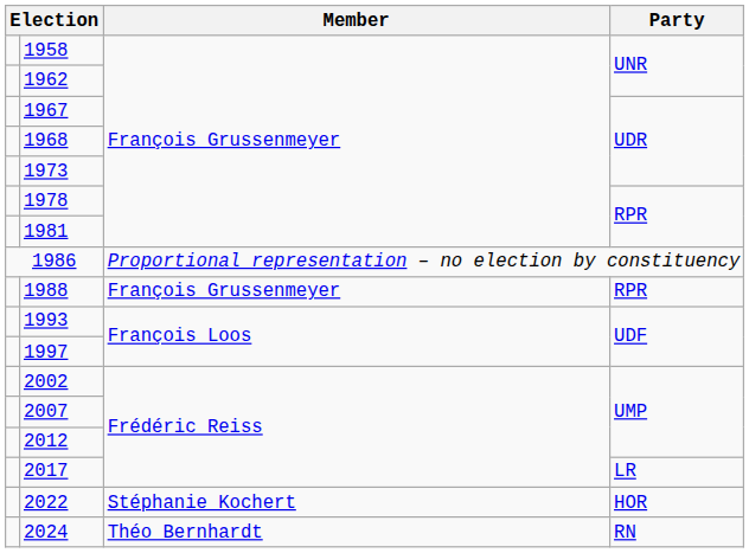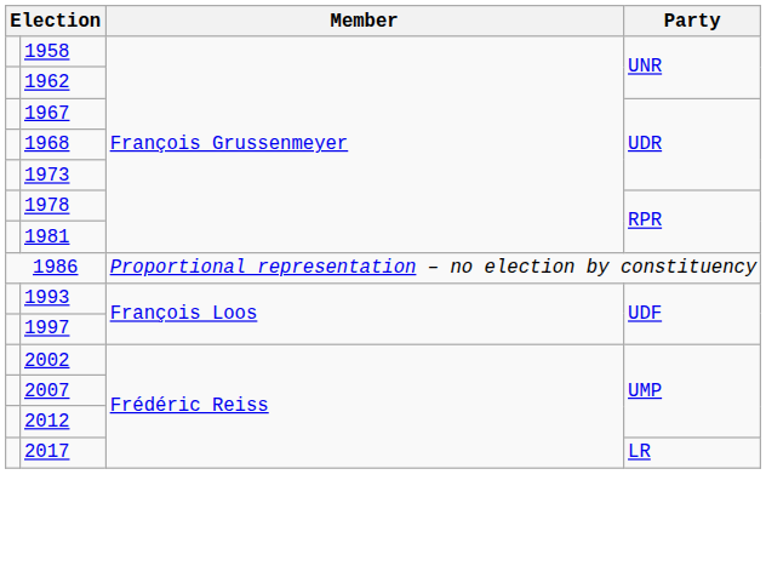 <table class="wikitable">
 <tr>
 <th colspan="2">Election</th>
 <th>Member</th>
 <th>Party</th>
 </tr>
 <tr>
 <td style="background-color: "></td>
 <td><a href='#'>1958</a></td>
 <td rowspan="7"><a href='#'>François Grussenmeyer</a></td>
 <td rowspan="2"><a href='#'>UNR</a></td>
 </tr>
 <tr>
 <td style="background-color: "></td>
 <td><a href='#'>1962</a></td>
 </tr>
 <tr>
 <td style="background-color: "></td>
 <td><a href='#'>1967</a></td>
 <td rowspan="3"><a href='#'>UDR</a></td>
 </tr>
 <tr>
 <td style="background-color: "></td>
 <td><a href='#'>1968</a></td>
 </tr>
 <tr>
 <td style="background-color: "></td>
 <td><a href='#'>1973</a></td>
 </tr>
 <tr>
 <td style="background-color: "></td>
 <td><a href='#'>1978</a></td>
 <td rowspan="2"><a href='#'>RPR</a></td>
 </tr>
 <tr>
 <td style="background-color: "></td>
 <td><a href='#'>1981</a></td>
 </tr>
 <tr>
 <td colspan="2" align="center"><a href='#'>1986</a></td>
 <td colspan="2"><em><a href='#'>Proportional representation</a> – no election by constituency</em></td>
 </tr>
 <tr>
 <td style="background-color: "></td>
-<td><a href='#'>1988</a></td>
-<td><a href='#'>François Grussenmeyer</a></td>
-<td><a href='#'>RPR</a></td>
-</tr>
-<tr>
-<td style="background-color: "></td>
 <td><a href='#'>1993</a></td>
 <td rowspan="2"><a href='#'>François Loos</a></td>
 <td rowspan="2"><a href='#'>UDF</a></td>
 </tr>
 <tr>
 <td style="background-color: "></td>
 <td><a href='#'>1997</a></td>
 </tr>
 <tr>
 <td style="background-color: "></td>
 <td><a href='#'>2002</a></td>
 <td rowspan="4"><a href='#'>Frédéric Reiss</a></td>
 <td rowspan="3"><a href='#'>UMP</a></td>
 </tr>
 <tr>
 <td style="background-color: "></td>
 <td><a href='#'>2007</a></td>
 </tr>
 <tr>
 <td style="background-color: "></td>
 <td><a href='#'>2012</a></td>
 </tr>
 <tr>
 <td style="background-color: "></td>
 <td><a href='#'>2017</a></td>
 <td><a href='#'>LR</a></td>
 </tr>
-<tr>
-<td style="background-color: "></td>
-<td><a href='#'>2022</a></td>
-<td><a href='#'>Stéphanie Kochert</a></td>
-<td><a href='#'>HOR</a></td>
-</tr>
-<tr>
-<td style="background-color: "></td>
-<td><a href='#'>2024</a></td>
-<td><a href='#'>Théo Bernhardt</a></td>
-<td><a href='#'>RN</a></td>
-</tr>
 </table>
